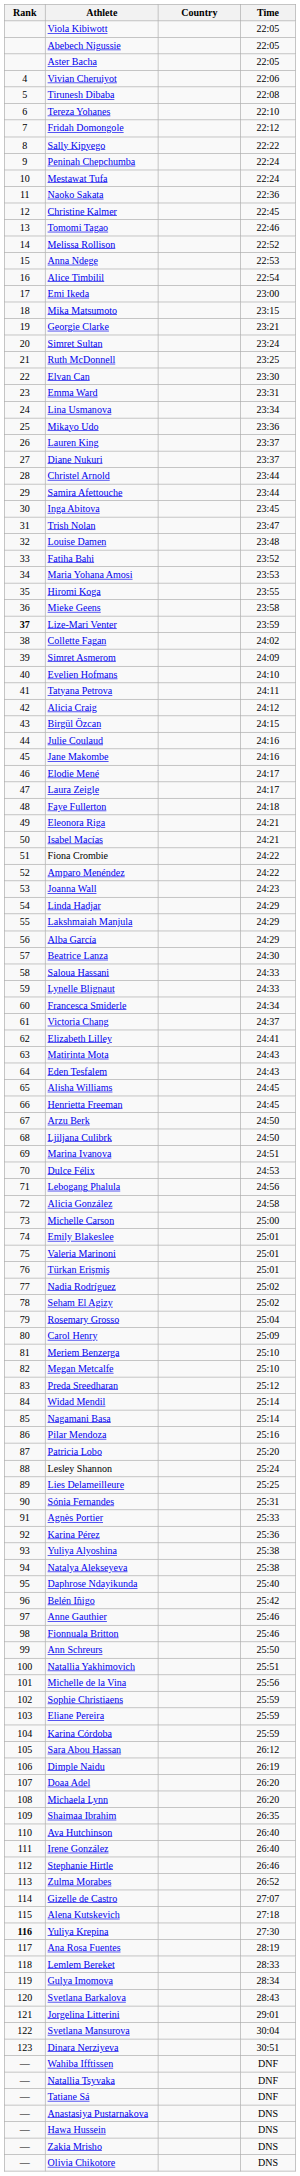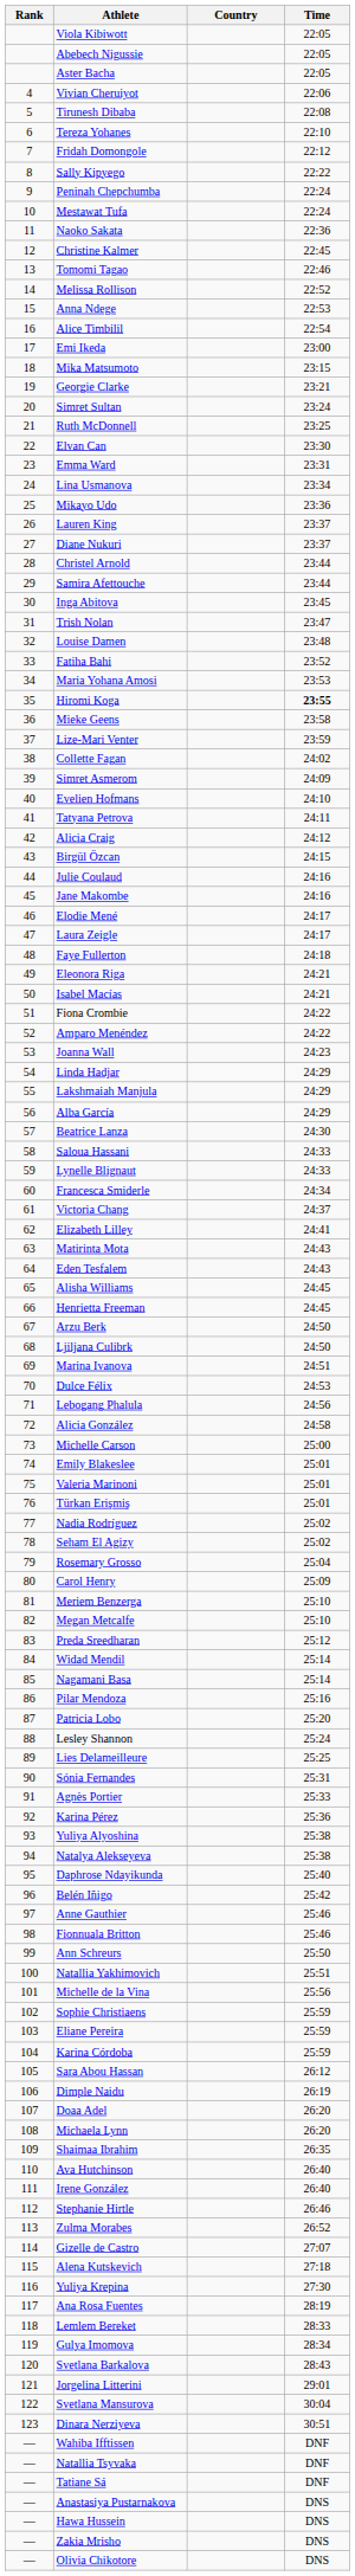 <table class="wikitable sortable" style=" text-align:center; font-size:95%;" width="50%">
 <tr>
 <th width=5%>Rank</th>
 <th width=20%>Athlete</th>
 <th width=15%>Country</th>
 <th width=10%>Time</th>
 </tr>
 <tr>
 <td align=center></td>
 <td align=left><a href='#'>Viola Kibiwott</a></td>
 <td align=left></td>
 <td>22:05</td>
 </tr>
 <tr>
 <td align=center></td>
 <td align=left><a href='#'>Abebech Nigussie</a></td>
 <td align=left></td>
 <td>22:05</td>
 </tr>
 <tr>
 <td align=center></td>
 <td align=left><a href='#'>Aster Bacha</a></td>
 <td align=left></td>
 <td>22:05</td>
 </tr>
 <tr>
 <td align=center>4</td>
 <td align=left><a href='#'>Vivian Cheruiyot</a></td>
 <td align=left></td>
 <td>22:06</td>
 </tr>
 <tr>
 <td align=center>5</td>
 <td align=left><a href='#'>Tirunesh Dibaba</a></td>
 <td align=left></td>
 <td>22:08</td>
 </tr>
 <tr>
 <td align=center>6</td>
 <td align=left><a href='#'>Tereza Yohanes</a></td>
 <td align=left></td>
 <td>22:10</td>
 </tr>
 <tr>
 <td align=center>7</td>
 <td align=left><a href='#'>Fridah Domongole</a></td>
 <td align=left></td>
 <td>22:12</td>
 </tr>
 <tr>
 <td align=center>8</td>
 <td align=left><a href='#'>Sally Kipyego</a></td>
 <td align=left></td>
 <td>22:22</td>
 </tr>
 <tr>
 <td align=center>9</td>
 <td align=left><a href='#'>Peninah Chepchumba</a></td>
 <td align=left></td>
 <td>22:24</td>
 </tr>
 <tr>
 <td align=center>10</td>
 <td align=left><a href='#'>Mestawat Tufa</a></td>
 <td align=left></td>
 <td>22:24</td>
 </tr>
 <tr>
 <td align=center>11</td>
 <td align=left><a href='#'>Naoko Sakata</a></td>
 <td align=left></td>
 <td>22:36</td>
 </tr>
 <tr>
 <td align=center>12</td>
 <td align=left><a href='#'>Christine Kalmer</a></td>
 <td align=left></td>
 <td>22:45</td>
 </tr>
 <tr>
 <td align=center>13</td>
 <td align=left><a href='#'>Tomomi Tagao</a></td>
 <td align=left></td>
 <td>22:46</td>
 </tr>
 <tr>
 <td align=center>14</td>
 <td align=left><a href='#'>Melissa Rollison</a></td>
 <td align=left></td>
 <td>22:52</td>
 </tr>
 <tr>
 <td align=center>15</td>
 <td align=left><a href='#'>Anna Ndege</a></td>
 <td align=left></td>
 <td>22:53</td>
 </tr>
 <tr>
 <td align=center>16</td>
 <td align=left><a href='#'>Alice Timbilil</a></td>
 <td align=left></td>
 <td>22:54</td>
 </tr>
 <tr>
 <td align=center>17</td>
 <td align=left><a href='#'>Emi Ikeda</a></td>
 <td align=left></td>
 <td>23:00</td>
 </tr>
 <tr>
 <td align=center>18</td>
 <td align=left><a href='#'>Mika Matsumoto</a></td>
 <td align=left></td>
 <td>23:15</td>
 </tr>
 <tr>
 <td align=center>19</td>
 <td align=left><a href='#'>Georgie Clarke</a></td>
 <td align=left></td>
 <td>23:21</td>
 </tr>
 <tr>
 <td align=center>20</td>
 <td align=left><a href='#'>Simret Sultan</a></td>
 <td align=left></td>
 <td>23:24</td>
 </tr>
 <tr>
 <td align=center>21</td>
 <td align=left><a href='#'>Ruth McDonnell</a></td>
 <td align=left></td>
 <td>23:25</td>
 </tr>
 <tr>
 <td align=center>22</td>
 <td align=left><a href='#'>Elvan Can</a></td>
 <td align=left></td>
 <td>23:30</td>
 </tr>
 <tr>
 <td align=center>23</td>
 <td align=left><a href='#'>Emma Ward</a></td>
 <td align=left></td>
 <td>23:31</td>
 </tr>
 <tr>
 <td align=center>24</td>
 <td align=left><a href='#'>Lina Usmanova</a></td>
 <td align=left></td>
 <td>23:34</td>
 </tr>
 <tr>
 <td align=center>25</td>
 <td align=left><a href='#'>Mikayo Udo</a></td>
 <td align=left></td>
 <td>23:36</td>
 </tr>
 <tr>
 <td align=center>26</td>
 <td align=left><a href='#'>Lauren King</a></td>
 <td align=left></td>
 <td>23:37</td>
 </tr>
 <tr>
 <td align=center>27</td>
 <td align=left><a href='#'>Diane Nukuri</a></td>
 <td align=left></td>
 <td>23:37</td>
 </tr>
 <tr>
 <td align=center>28</td>
 <td align=left><a href='#'>Christel Arnold</a></td>
 <td align=left></td>
 <td>23:44</td>
 </tr>
 <tr>
 <td align=center>29</td>
 <td align=left><a href='#'>Samira Afettouche</a></td>
 <td align=left></td>
 <td>23:44</td>
 </tr>
 <tr>
 <td align=center>30</td>
 <td align=left><a href='#'>Inga Abitova</a></td>
 <td align=left></td>
 <td>23:45</td>
 </tr>
 <tr>
 <td align=center>31</td>
 <td align=left><a href='#'>Trish Nolan</a></td>
 <td align=left></td>
 <td>23:47</td>
 </tr>
 <tr>
 <td align=center>32</td>
 <td align=left><a href='#'>Louise Damen</a></td>
 <td align=left></td>
 <td>23:48</td>
 </tr>
 <tr>
 <td align=center>33</td>
 <td align=left><a href='#'>Fatiha Bahi</a></td>
 <td align=left></td>
 <td>23:52</td>
 </tr>
 <tr>
 <td align=center>34</td>
 <td align=left><a href='#'>Maria Yohana Amosi</a></td>
 <td align=left></td>
 <td>23:53</td>
 </tr>
 <tr>
 <td align=center>35</td>
 <td align=left><a href='#'>Hiromi Koga</a></td>
 <td align=left></td>
-<td>23:55</td>
+<td><strong>23:55</strong></td>
 </tr>
 <tr>
 <td align=center>36</td>
 <td align=left><a href='#'>Mieke Geens</a></td>
 <td align=left></td>
 <td>23:58</td>
 </tr>
 <tr>
-<td align=center><strong>37</strong></td>
+<td align=center>37</td>
 <td align=left><a href='#'>Lize-Mari Venter</a></td>
 <td align=left></td>
 <td>23:59</td>
 </tr>
 <tr>
 <td align=center>38</td>
 <td align=left><a href='#'>Collette Fagan</a></td>
 <td align=left></td>
 <td>24:02</td>
 </tr>
 <tr>
 <td align=center>39</td>
 <td align=left><a href='#'>Simret Asmerom</a></td>
 <td align=left></td>
 <td>24:09</td>
 </tr>
 <tr>
 <td align=center>40</td>
 <td align=left><a href='#'>Evelien Hofmans</a></td>
 <td align=left></td>
 <td>24:10</td>
 </tr>
 <tr>
 <td align=center>41</td>
 <td align=left><a href='#'>Tatyana Petrova</a></td>
 <td align=left></td>
 <td>24:11</td>
 </tr>
 <tr>
 <td align=center>42</td>
 <td align=left><a href='#'>Alicia Craig</a></td>
 <td align=left></td>
 <td>24:12</td>
 </tr>
 <tr>
 <td align=center>43</td>
 <td align=left><a href='#'>Birgül Özcan</a></td>
 <td align=left></td>
 <td>24:15</td>
 </tr>
 <tr>
 <td align=center>44</td>
 <td align=left><a href='#'>Julie Coulaud</a></td>
 <td align=left></td>
 <td>24:16</td>
 </tr>
 <tr>
 <td align=center>45</td>
 <td align=left><a href='#'>Jane Makombe</a></td>
 <td align=left></td>
 <td>24:16</td>
 </tr>
 <tr>
 <td align=center>46</td>
 <td align=left><a href='#'>Elodie Mené</a></td>
 <td align=left></td>
 <td>24:17</td>
 </tr>
 <tr>
 <td align=center>47</td>
 <td align=left><a href='#'>Laura Zeigle</a></td>
 <td align=left></td>
 <td>24:17</td>
 </tr>
 <tr>
 <td align=center>48</td>
 <td align=left><a href='#'>Faye Fullerton</a></td>
 <td align=left></td>
 <td>24:18</td>
 </tr>
 <tr>
 <td align=center>49</td>
 <td align=left><a href='#'>Eleonora Riga</a></td>
 <td align=left></td>
 <td>24:21</td>
 </tr>
 <tr>
 <td align=center>50</td>
 <td align=left><a href='#'>Isabel Macías</a></td>
 <td align=left></td>
 <td>24:21</td>
 </tr>
 <tr>
 <td align=center>51</td>
 <td align=left>Fiona Crombie</td>
 <td align=left></td>
 <td>24:22</td>
 </tr>
 <tr>
 <td align=center>52</td>
 <td align=left><a href='#'>Amparo Menéndez</a></td>
 <td align=left></td>
 <td>24:22</td>
 </tr>
 <tr>
 <td align=center>53</td>
 <td align=left><a href='#'>Joanna Wall</a></td>
 <td align=left></td>
 <td>24:23</td>
 </tr>
 <tr>
 <td align=center>54</td>
 <td align=left><a href='#'>Linda Hadjar</a></td>
 <td align=left></td>
 <td>24:29</td>
 </tr>
 <tr>
 <td align=center>55</td>
 <td align=left><a href='#'>Lakshmaiah Manjula</a></td>
 <td align=left></td>
 <td>24:29</td>
 </tr>
 <tr>
 <td align=center>56</td>
 <td align=left><a href='#'>Alba García</a></td>
 <td align=left></td>
 <td>24:29</td>
 </tr>
 <tr>
 <td align=center>57</td>
 <td align=left><a href='#'>Beatrice Lanza</a></td>
 <td align=left></td>
 <td>24:30</td>
 </tr>
 <tr>
 <td align=center>58</td>
 <td align=left><a href='#'>Saloua Hassani</a></td>
 <td align=left></td>
 <td>24:33</td>
 </tr>
 <tr>
 <td align=center>59</td>
 <td align=left><a href='#'>Lynelle Blignaut</a></td>
 <td align=left></td>
 <td>24:33</td>
 </tr>
 <tr>
 <td align=center>60</td>
 <td align=left><a href='#'>Francesca Smiderle</a></td>
 <td align=left></td>
 <td>24:34</td>
 </tr>
 <tr>
 <td align=center>61</td>
 <td align=left><a href='#'>Victoria Chang</a></td>
 <td align=left></td>
 <td>24:37</td>
 </tr>
 <tr>
 <td align=center>62</td>
 <td align=left><a href='#'>Elizabeth Lilley</a></td>
 <td align=left></td>
 <td>24:41</td>
 </tr>
 <tr>
 <td align=center>63</td>
 <td align=left><a href='#'>Matirinta Mota</a></td>
 <td align=left></td>
 <td>24:43</td>
 </tr>
 <tr>
 <td align=center>64</td>
 <td align=left><a href='#'>Eden Tesfalem</a></td>
 <td align=left></td>
 <td>24:43</td>
 </tr>
 <tr>
 <td align=center>65</td>
 <td align=left><a href='#'>Alisha Williams</a></td>
 <td align=left></td>
 <td>24:45</td>
 </tr>
 <tr>
 <td align=center>66</td>
 <td align=left><a href='#'>Henrietta Freeman</a></td>
 <td align=left></td>
 <td>24:45</td>
 </tr>
 <tr>
 <td align=center>67</td>
 <td align=left><a href='#'>Arzu Berk</a></td>
 <td align=left></td>
 <td>24:50</td>
 </tr>
 <tr>
 <td align=center>68</td>
 <td align=left><a href='#'>Ljiljana Culibrk</a></td>
 <td align=left></td>
 <td>24:50</td>
 </tr>
 <tr>
 <td align=center>69</td>
 <td align=left><a href='#'>Marina Ivanova</a></td>
 <td align=left></td>
 <td>24:51</td>
 </tr>
 <tr>
 <td align=center>70</td>
 <td align=left><a href='#'>Dulce Félix</a></td>
 <td align=left></td>
 <td>24:53</td>
 </tr>
 <tr>
 <td align=center>71</td>
 <td align=left><a href='#'>Lebogang Phalula</a></td>
 <td align=left></td>
 <td>24:56</td>
 </tr>
 <tr>
 <td align=center>72</td>
 <td align=left><a href='#'>Alicia González</a></td>
 <td align=left></td>
 <td>24:58</td>
 </tr>
 <tr>
 <td align=center>73</td>
 <td align=left><a href='#'>Michelle Carson</a></td>
 <td align=left></td>
 <td>25:00</td>
 </tr>
 <tr>
 <td align=center>74</td>
 <td align=left><a href='#'>Emily Blakeslee</a></td>
 <td align=left></td>
 <td>25:01</td>
 </tr>
 <tr>
 <td align=center>75</td>
 <td align=left><a href='#'>Valeria Marinoni</a></td>
 <td align=left></td>
 <td>25:01</td>
 </tr>
 <tr>
 <td align=center>76</td>
 <td align=left><a href='#'>Türkan Erişmiş</a></td>
 <td align=left></td>
 <td>25:01</td>
 </tr>
 <tr>
 <td align=center>77</td>
 <td align=left><a href='#'>Nadia Rodríguez</a></td>
 <td align=left></td>
 <td>25:02</td>
 </tr>
 <tr>
 <td align=center>78</td>
 <td align=left><a href='#'>Seham El Agizy</a></td>
 <td align=left></td>
 <td>25:02</td>
 </tr>
 <tr>
 <td align=center>79</td>
 <td align=left><a href='#'>Rosemary Grosso</a></td>
 <td align=left></td>
 <td>25:04</td>
 </tr>
 <tr>
 <td align=center>80</td>
 <td align=left><a href='#'>Carol Henry</a></td>
 <td align=left></td>
 <td>25:09</td>
 </tr>
 <tr>
 <td align=center>81</td>
 <td align=left><a href='#'>Meriem Benzerga</a></td>
 <td align=left></td>
 <td>25:10</td>
 </tr>
 <tr>
 <td align=center>82</td>
 <td align=left><a href='#'>Megan Metcalfe</a></td>
 <td align=left></td>
 <td>25:10</td>
 </tr>
 <tr>
 <td align=center>83</td>
 <td align=left><a href='#'>Preda Sreedharan</a></td>
 <td align=left></td>
 <td>25:12</td>
 </tr>
 <tr>
 <td align=center>84</td>
 <td align=left><a href='#'>Widad Mendil</a></td>
 <td align=left></td>
 <td>25:14</td>
 </tr>
 <tr>
 <td align=center>85</td>
 <td align=left><a href='#'>Nagamani Basa</a></td>
 <td align=left></td>
 <td>25:14</td>
 </tr>
 <tr>
 <td align=center>86</td>
 <td align=left><a href='#'>Pilar Mendoza</a></td>
 <td align=left></td>
 <td>25:16</td>
 </tr>
 <tr>
 <td align=center>87</td>
 <td align=left><a href='#'>Patricia Lobo</a></td>
 <td align=left></td>
 <td>25:20</td>
 </tr>
 <tr>
 <td align=center>88</td>
 <td align=left>Lesley Shannon</td>
 <td align=left></td>
 <td>25:24</td>
 </tr>
 <tr>
 <td align=center>89</td>
 <td align=left><a href='#'>Lies Delameilleure</a></td>
 <td align=left></td>
 <td>25:25</td>
 </tr>
 <tr>
 <td align=center>90</td>
 <td align=left><a href='#'>Sónia Fernandes</a></td>
 <td align=left></td>
 <td>25:31</td>
 </tr>
 <tr>
 <td align=center>91</td>
 <td align=left><a href='#'>Agnès Portier</a></td>
 <td align=left></td>
 <td>25:33</td>
 </tr>
 <tr>
 <td align=center>92</td>
 <td align=left><a href='#'>Karina Pérez</a></td>
 <td align=left></td>
 <td>25:36</td>
 </tr>
 <tr>
 <td align=center>93</td>
 <td align=left><a href='#'>Yuliya Alyoshina</a></td>
 <td align=left></td>
 <td>25:38</td>
 </tr>
 <tr>
 <td align=center>94</td>
 <td align=left><a href='#'>Natalya Alekseyeva</a></td>
 <td align=left></td>
 <td>25:38</td>
 </tr>
 <tr>
 <td align=center>95</td>
 <td align=left><a href='#'>Daphrose Ndayikunda</a></td>
 <td align=left></td>
 <td>25:40</td>
 </tr>
 <tr>
 <td align=center>96</td>
 <td align=left><a href='#'>Belén Iñigo</a></td>
 <td align=left></td>
 <td>25:42</td>
 </tr>
 <tr>
 <td align=center>97</td>
 <td align=left><a href='#'>Anne Gauthier</a></td>
 <td align=left></td>
 <td>25:46</td>
 </tr>
 <tr>
 <td align=center>98</td>
 <td align=left><a href='#'>Fionnuala Britton</a></td>
 <td align=left></td>
 <td>25:46</td>
 </tr>
 <tr>
 <td align=center>99</td>
 <td align=left><a href='#'>Ann Schreurs</a></td>
 <td align=left></td>
 <td>25:50</td>
 </tr>
 <tr>
 <td align=center>100</td>
 <td align=left><a href='#'>Natallia Yakhimovich</a></td>
 <td align=left></td>
 <td>25:51</td>
 </tr>
 <tr>
 <td align=center>101</td>
 <td align=left><a href='#'>Michelle de la Vina</a></td>
 <td align=left></td>
 <td>25:56</td>
 </tr>
 <tr>
 <td align=center>102</td>
 <td align=left><a href='#'>Sophie Christiaens</a></td>
 <td align=left></td>
 <td>25:59</td>
 </tr>
 <tr>
 <td align=center>103</td>
 <td align=left><a href='#'>Eliane Pereira</a></td>
 <td align=left></td>
 <td>25:59</td>
 </tr>
 <tr>
 <td align=center>104</td>
 <td align=left><a href='#'>Karina Córdoba</a></td>
 <td align=left></td>
 <td>25:59</td>
 </tr>
 <tr>
 <td align=center>105</td>
 <td align=left><a href='#'>Sara Abou Hassan</a></td>
 <td align=left></td>
 <td>26:12</td>
 </tr>
 <tr>
 <td align=center>106</td>
 <td align=left><a href='#'>Dimple Naidu</a></td>
 <td align=left></td>
 <td>26:19</td>
 </tr>
 <tr>
 <td align=center>107</td>
 <td align=left><a href='#'>Doaa Adel</a></td>
 <td align=left></td>
 <td>26:20</td>
 </tr>
 <tr>
 <td align=center>108</td>
 <td align=left><a href='#'>Michaela Lynn</a></td>
 <td align=left></td>
 <td>26:20</td>
 </tr>
 <tr>
 <td align=center>109</td>
 <td align=left><a href='#'>Shaimaa Ibrahim</a></td>
 <td align=left></td>
 <td>26:35</td>
 </tr>
 <tr>
 <td align=center>110</td>
 <td align=left><a href='#'>Ava Hutchinson</a></td>
 <td align=left></td>
 <td>26:40</td>
 </tr>
 <tr>
 <td align=center>111</td>
 <td align=left><a href='#'>Irene González</a></td>
 <td align=left></td>
 <td>26:40</td>
 </tr>
 <tr>
 <td align=center>112</td>
 <td align=left><a href='#'>Stephanie Hirtle</a></td>
 <td align=left></td>
 <td>26:46</td>
 </tr>
 <tr>
 <td align=center>113</td>
 <td align=left><a href='#'>Zulma Morabes</a></td>
 <td align=left></td>
 <td>26:52</td>
 </tr>
 <tr>
 <td align=center>114</td>
 <td align=left><a href='#'>Gizelle de Castro</a></td>
 <td align=left></td>
 <td>27:07</td>
 </tr>
 <tr>
 <td align=center>115</td>
 <td align=left><a href='#'>Alena Kutskevich</a></td>
 <td align=left></td>
 <td>27:18</td>
 </tr>
 <tr>
-<td align=center><strong>116</strong></td>
+<td align=center>116</td>
 <td align=left><a href='#'>Yuliya Krepina</a></td>
 <td align=left></td>
 <td>27:30</td>
 </tr>
 <tr>
 <td align=center>117</td>
 <td align=left><a href='#'>Ana Rosa Fuentes</a></td>
 <td align=left></td>
 <td>28:19</td>
 </tr>
 <tr>
 <td align=center>118</td>
 <td align=left><a href='#'>Lemlem Bereket</a></td>
 <td align=left></td>
 <td>28:33</td>
 </tr>
 <tr>
 <td align=center>119</td>
 <td align=left><a href='#'>Gulya Imomova</a></td>
 <td align=left></td>
 <td>28:34</td>
 </tr>
 <tr>
 <td align=center>120</td>
 <td align=left><a href='#'>Svetlana Barkalova</a></td>
 <td align=left></td>
 <td>28:43</td>
 </tr>
 <tr>
 <td align=center>121</td>
 <td align=left><a href='#'>Jorgelina Litterini</a></td>
 <td align=left></td>
 <td>29:01</td>
 </tr>
 <tr>
 <td align=center>122</td>
 <td align=left><a href='#'>Svetlana Mansurova</a></td>
 <td align=left></td>
 <td>30:04</td>
 </tr>
 <tr>
 <td align=center>123</td>
 <td align=left><a href='#'>Dinara Nerziyeva</a></td>
 <td align=left></td>
 <td>30:51</td>
 </tr>
 <tr>
 <td align=center>—</td>
 <td align=left><a href='#'>Wahiba Ifftissen</a></td>
 <td align=left></td>
 <td>DNF</td>
 </tr>
 <tr>
 <td align=center>—</td>
 <td align=left><a href='#'>Natallia Tsyvaka</a></td>
 <td align=left></td>
 <td>DNF</td>
 </tr>
 <tr>
 <td align=center>—</td>
 <td align=left><a href='#'>Tatiane Sá</a></td>
 <td align=left></td>
 <td>DNF</td>
 </tr>
 <tr>
 <td align=center>—</td>
 <td align=left><a href='#'>Anastasiya Pustarnakova</a></td>
 <td align=left></td>
 <td>DNS</td>
 </tr>
 <tr>
 <td align=center>—</td>
 <td align=left><a href='#'>Hawa Hussein</a></td>
 <td align=left></td>
 <td>DNS</td>
 </tr>
 <tr>
 <td align=center>—</td>
 <td align=left><a href='#'>Zakia Mrisho</a></td>
 <td align=left></td>
 <td>DNS</td>
 </tr>
 <tr>
 <td align=center>—</td>
 <td align=left><a href='#'>Olivia Chikotore</a></td>
 <td align=left></td>
 <td>DNS</td>
 </tr>
 </table>
